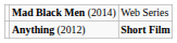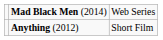 <table class="creditList creditByType wikitable">
 <tr>
 <td></td>
 <td><strong>Mad Black Men</strong> (2014)</td>
 <td>Web Series</td>
 </tr>
 <tr>
 <td></td>
 <td><strong>Anything</strong> (2012)</td>
-<td><strong>Short Film</strong></td>
+<td>Short Film</td>
 </tr>
 </table>
